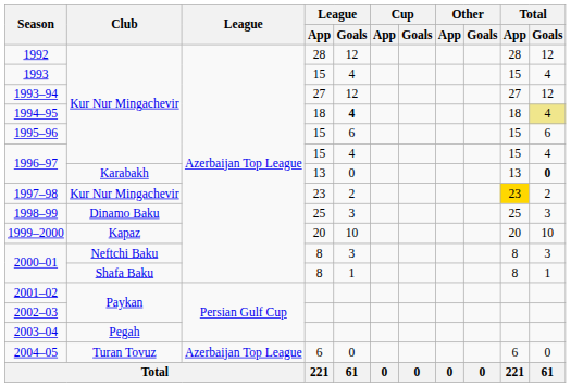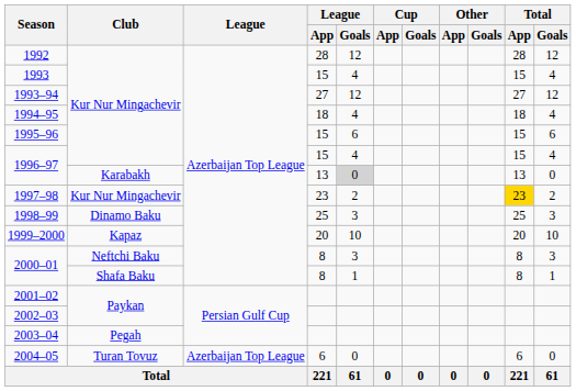 <table class="wikitable">
 <tr>
 <th rowspan=2>Season</th>
 <th ! rowspan=2>Club</th>
 <th ! rowspan=2>League</th>
 <th ! colspan=2>League</th>
 <th ! colspan=2>Cup</th>
 <th ! colspan=2>Other</th>
 <th colspan=3>Total</th>
 </tr>
 <tr>
 <th>App</th>
 <th>Goals</th>
 <th>App</th>
 <th>Goals</th>
 <th>App</th>
 <th>Goals</th>
 <th>App</th>
 <th>Goals</th>
 </tr>
 <tr align=center>
 <td><a href='#'>1992</a></td>
 <td rowspan="6"><a href='#'>Kur Nur Mingachevir</a></td>
 <td rowspan="12"><a href='#'>Azerbaijan Top League</a></td>
 <td>28</td>
 <td>12</td>
 <td></td>
 <td></td>
 <td></td>
 <td></td>
 <td>28</td>
 <td>12</td>
 </tr>
 <tr align=center>
 <td><a href='#'>1993</a></td>
 <td>15</td>
 <td>4</td>
 <td></td>
 <td></td>
 <td></td>
 <td></td>
 <td>15</td>
 <td>4</td>
 </tr>
 <tr align=center>
 <td><a href='#'>1993–94</a></td>
 <td>27</td>
 <td>12</td>
 <td></td>
 <td></td>
 <td></td>
 <td></td>
 <td>27</td>
 <td>12</td>
 </tr>
 <tr align=center>
 <td><a href='#'>1994–95</a></td>
 <td>18</td>
-<td><strong>4</strong></td>
+<td>4</td>
 <td></td>
 <td></td>
 <td></td>
 <td></td>
 <td>18</td>
-<td style="background: khaki;">4</td>
+<td>4</td>
 </tr>
 <tr align=center>
 <td><a href='#'>1995–96</a></td>
 <td>15</td>
 <td>6</td>
 <td></td>
 <td></td>
 <td></td>
 <td></td>
 <td>15</td>
 <td>6</td>
 </tr>
 <tr align=center>
 <td rowspan="2"><a href='#'>1996–97</a></td>
 <td>15</td>
 <td>4</td>
 <td></td>
 <td></td>
 <td></td>
 <td></td>
 <td>15</td>
 <td>4</td>
 </tr>
 <tr align=center>
 <td><a href='#'>Karabakh</a></td>
 <td>13</td>
-<td>0</td>
+<td style="background: lightgrey;">0</td>
 <td></td>
 <td></td>
 <td></td>
 <td></td>
 <td>13</td>
-<td><strong>0</strong></td>
+<td>0</td>
 </tr>
 <tr align=center>
 <td><a href='#'>1997–98</a></td>
 <td><a href='#'>Kur Nur Mingachevir</a></td>
 <td>23</td>
 <td>2</td>
 <td></td>
 <td></td>
 <td></td>
 <td></td>
 <td style="background: gold;">23</td>
 <td>2</td>
 </tr>
 <tr align=center>
 <td><a href='#'>1998–99</a></td>
 <td><a href='#'>Dinamo Baku</a></td>
 <td>25</td>
 <td>3</td>
 <td></td>
 <td></td>
 <td></td>
 <td></td>
 <td>25</td>
 <td>3</td>
 </tr>
 <tr align=center>
 <td><a href='#'>1999–2000</a></td>
 <td><a href='#'>Kapaz</a></td>
 <td>20</td>
 <td>10</td>
 <td></td>
 <td></td>
 <td></td>
 <td></td>
 <td>20</td>
 <td>10</td>
 </tr>
 <tr align=center>
 <td rowspan="2"><a href='#'>2000–01</a></td>
 <td><a href='#'>Neftchi Baku</a></td>
 <td>8</td>
 <td>3</td>
 <td></td>
 <td></td>
 <td></td>
 <td></td>
 <td>8</td>
 <td>3</td>
 </tr>
 <tr align=center>
 <td><a href='#'>Shafa Baku</a></td>
 <td>8</td>
 <td>1</td>
 <td></td>
 <td></td>
 <td></td>
 <td></td>
 <td>8</td>
 <td>1</td>
 </tr>
 <tr align=center>
 <td><a href='#'>2001–02</a></td>
 <td rowspan="2"><a href='#'>Paykan</a></td>
 <td rowspan="3"><a href='#'>Persian Gulf Cup</a></td>
 <td></td>
 <td></td>
 <td></td>
 <td></td>
 <td></td>
 <td></td>
 <td></td>
 <td></td>
 </tr>
 <tr align=center>
 <td><a href='#'>2002–03</a></td>
 <td></td>
 <td></td>
 <td></td>
 <td></td>
 <td></td>
 <td></td>
 <td></td>
 <td></td>
 </tr>
 <tr align=center>
 <td><a href='#'>2003–04</a></td>
 <td><a href='#'>Pegah</a></td>
 <td></td>
 <td></td>
 <td></td>
 <td></td>
 <td></td>
 <td></td>
 <td></td>
 <td></td>
 </tr>
 <tr align=center>
 <td><a href='#'>2004–05</a></td>
 <td><a href='#'>Turan Tovuz</a></td>
 <td><a href='#'>Azerbaijan Top League</a></td>
 <td>6</td>
 <td>0</td>
 <td></td>
 <td></td>
 <td></td>
 <td></td>
 <td>6</td>
 <td>0</td>
 </tr>
 <tr align=center>
 <th colspan="3">Total</th>
 <th>221</th>
 <th>61</th>
 <th>0</th>
 <th>0</th>
 <th>0</th>
 <th>0</th>
 <th>221</th>
 <th>61</th>
 </tr>
 </table>
